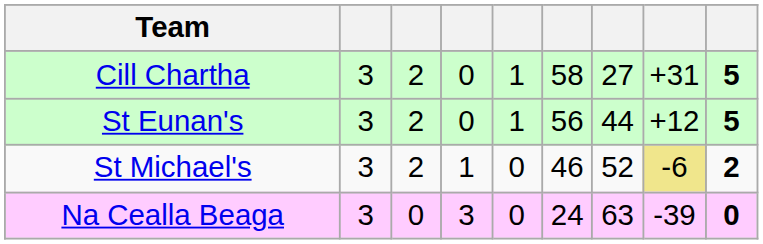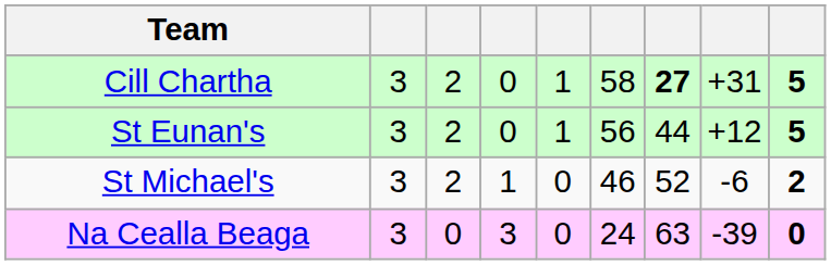 <table class="wikitable" style="text-align:center">
 <tr>
 <th style="width:175px;">Team</th>
 <th width="20"></th>
 <th width="20"></th>
 <th width="20"></th>
 <th width="20"></th>
 <th width="20"></th>
 <th width="20"></th>
 <th width="20"></th>
 <th width="20"></th>
 </tr>
 <tr style="background:#cfc;">
 <td><a href='#'>Cill Chartha</a></td>
 <td>3</td>
 <td>2</td>
 <td>0</td>
 <td>1</td>
 <td>58</td>
-<td>27</td>
+<td><strong>27</strong></td>
 <td>+31</td>
 <td><strong>5</strong></td>
 </tr>
 <tr style="background:#cfc;">
 <td><a href='#'>St Eunan's</a></td>
 <td>3</td>
 <td>2</td>
 <td>0</td>
 <td>1</td>
 <td>56</td>
 <td>44</td>
 <td>+12</td>
 <td><strong>5</strong></td>
 </tr>
 <tr>
 <td><a href='#'>St Michael's</a></td>
 <td>3</td>
 <td>2</td>
 <td>1</td>
 <td>0</td>
 <td>46</td>
 <td>52</td>
-<td style="background: khaki;">-6</td>
+<td>-6</td>
 <td><strong>2</strong></td>
 </tr>
 <tr style="background:#fcf;">
 <td><a href='#'>Na Cealla Beaga</a></td>
 <td>3</td>
 <td>0</td>
 <td>3</td>
 <td>0</td>
 <td>24</td>
 <td>63</td>
 <td>-39</td>
 <td><strong>0</strong></td>
 </tr>
 </table>
